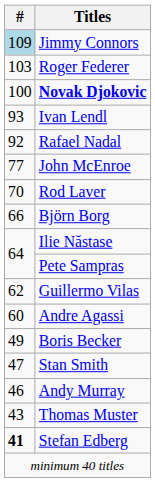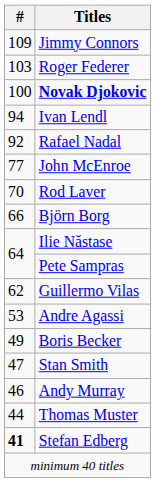 <table class="wikitable" style="display:inline-table;">
 <tr>
 <th>#</th>
 <th>Titles</th>
 </tr>
 <tr>
-<td style="background: lightblue;">109</td>
+<td>109</td>
 <td> <a href='#'>Jimmy Connors</a></td>
 </tr>
 <tr>
 <td>103</td>
 <td> <a href='#'>Roger Federer</a></td>
 </tr>
 <tr>
 <td>100</td>
 <td> <strong><a href='#'>Novak Djokovic</a></strong></td>
 </tr>
 <tr>
-<td>93</td>
+<td>94</td>
 <td> <a href='#'>Ivan Lendl</a></td>
 </tr>
 <tr>
 <td>92</td>
 <td> <a href='#'>Rafael Nadal</a></td>
 </tr>
 <tr>
 <td>77</td>
 <td> <a href='#'>John McEnroe</a></td>
 </tr>
 <tr>
 <td>70</td>
 <td> <a href='#'>Rod Laver</a></td>
 </tr>
 <tr>
 <td>66</td>
 <td> <a href='#'>Björn Borg</a></td>
 </tr>
 <tr>
 <td rowspan="2">64</td>
 <td> <a href='#'>Ilie Năstase</a></td>
 </tr>
 <tr>
 <td> <a href='#'>Pete Sampras</a></td>
 </tr>
 <tr>
 <td>62</td>
 <td> <a href='#'>Guillermo Vilas</a></td>
 </tr>
 <tr>
-<td>60</td>
+<td>53</td>
 <td> <a href='#'>Andre Agassi</a></td>
 </tr>
 <tr>
 <td>49</td>
 <td> <a href='#'>Boris Becker</a></td>
 </tr>
 <tr>
 <td>47</td>
 <td> <a href='#'>Stan Smith</a></td>
 </tr>
 <tr>
 <td>46</td>
 <td> <a href='#'>Andy Murray</a></td>
 </tr>
 <tr>
-<td>43</td>
+<td>44</td>
 <td> <a href='#'>Thomas Muster</a></td>
 </tr>
 <tr>
 <td><strong>41</strong></td>
 <td> <a href='#'>Stefan Edberg</a></td>
 </tr>
 <tr>
 <td colspan="3" style="text-align: center;"><small><em>minimum 40 titles</em></small></td>
 </tr>
 </table>
